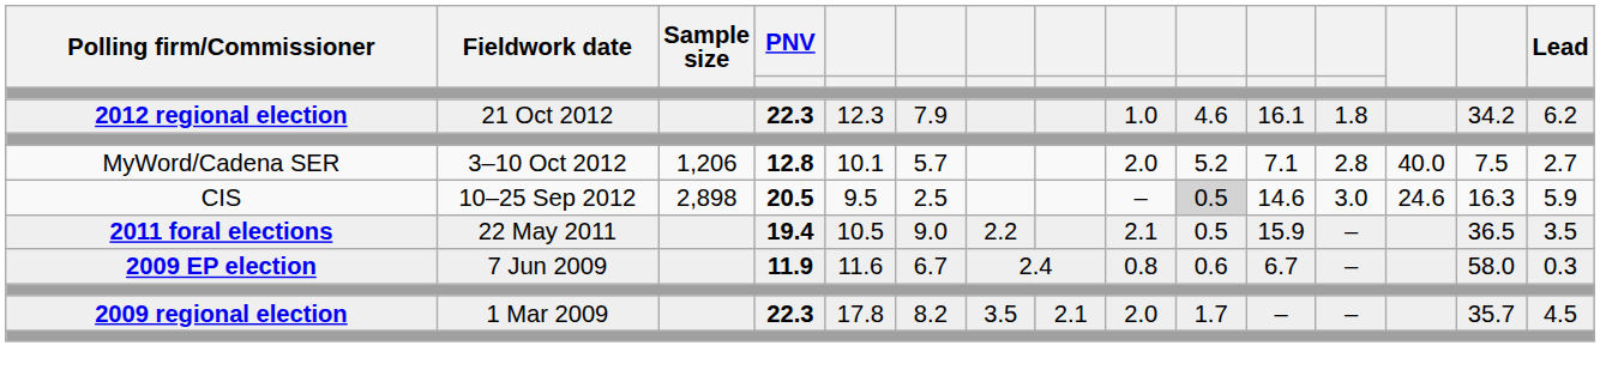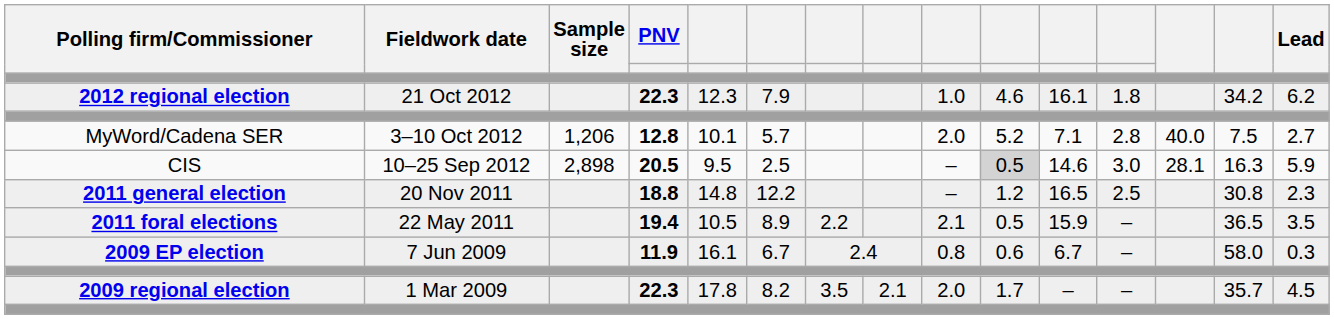 <table class="wikitable collapsible collapsed" style="text-align:center; font-size:90%; line-height:14px;">
 <tr style="height:42px;">
 <th style="width:250px;" rowspan="2">Polling firm/Commissioner</th>
 <th style="width:125px;" rowspan="2">Fieldwork date</th>
 <th style="width:50px;" rowspan="2">Sample size</th>
 <th style="width:35px;"><a href='#'>PNV</a></th>
 <th style="width:35px;"></th>
 <th style="width:35px;"></th>
 <th style="width:35px;"></th>
 <th style="width:35px;"></th>
 <th style="width:35px;"></th>
 <th style="width:35px;"></th>
 <th style="width:35px;"></th>
 <th style="width:35px;"></th>
 <th style="width:35px;" rowspan="2"></th>
 <th style="width:35px;" rowspan="2"></th>
 <th style="width:30px;" rowspan="2">Lead</th>
 </tr>
 <tr>
 <th style="color:inherit;background:"></th>
 <th style="color:inherit;background:"></th>
 <th style="color:inherit;background:"></th>
 <th style="color:inherit;background:"></th>
 <th style="color:inherit;background:"></th>
 <th style="color:inherit;background:"></th>
 <th style="color:inherit;background:"></th>
 <th style="color:inherit;background:"></th>
 <th style="color:inherit;background:"></th>
 </tr>
 <tr>
 <td colspan="15" style="background:#A0A0A0"></td>
 </tr>
 <tr style="background:#EFEFEF;">
 <td><strong><a href='#'>2012 regional election</a></strong></td>
 <td>21 Oct 2012</td>
 <td></td>
 <td><strong>22.3</strong></td>
 <td>12.3</td>
 <td>7.9</td>
 <td></td>
 <td></td>
 <td>1.0</td>
 <td>4.6</td>
 <td>16.1</td>
 <td>1.8</td>
 <td></td>
 <td>34.2</td>
 <td style="background:">6.2</td>
 </tr>
 <tr>
 <td colspan="15" style="background:#A0A0A0"></td>
 </tr>
 <tr>
 <td>MyWord/Cadena SER</td>
 <td>3–10 Oct 2012</td>
 <td>1,206</td>
 <td><strong>12.8</strong></td>
 <td>10.1</td>
 <td>5.7</td>
 <td></td>
 <td></td>
 <td>2.0</td>
 <td>5.2</td>
 <td>7.1</td>
 <td>2.8</td>
 <td>40.0</td>
 <td>7.5</td>
 <td style="background:">2.7</td>
 </tr>
 <tr>
 <td>CIS</td>
 <td>10–25 Sep 2012</td>
 <td>2,898</td>
 <td><strong>20.5</strong></td>
 <td>9.5</td>
 <td>2.5</td>
 <td></td>
 <td></td>
 <td>–</td>
 <td style="background: lightgrey;">0.5</td>
 <td>14.6</td>
 <td>3.0</td>
-<td>24.6</td>
+<td>28.1</td>
 <td>16.3</td>
 <td style="background:">5.9</td>
+</tr>
+<tr style="background:#EFEFEF;">
+<td><strong><a href='#'>2011 general election</a></strong></td>
+<td>20 Nov 2011</td>
+<td></td>
+<td><strong>18.8</strong></td>
+<td>14.8</td>
+<td>12.2</td>
+<td></td>
+<td></td>
+<td>–</td>
+<td>1.2</td>
+<td>16.5</td>
+<td>2.5</td>
+<td></td>
+<td>30.8</td>
+<td style="background:">2.3</td>
 </tr>
 <tr style="background:#EFEFEF;">
 <td><strong><a href='#'>2011 foral elections</a></strong></td>
 <td>22 May 2011</td>
 <td></td>
 <td><strong>19.4</strong></td>
 <td>10.5</td>
-<td>9.0</td>
+<td>8.9</td>
 <td>2.2</td>
 <td></td>
 <td>2.1</td>
 <td>0.5</td>
 <td>15.9</td>
 <td>–</td>
 <td></td>
 <td>36.5</td>
 <td style="background:">3.5</td>
 </tr>
 <tr style="background:#EFEFEF;">
 <td><strong><a href='#'>2009 EP election</a></strong></td>
 <td>7 Jun 2009</td>
 <td></td>
 <td><strong>11.9</strong></td>
-<td>11.6</td>
+<td>16.1</td>
 <td>6.7</td>
 <td colspan="2">2.4</td>
 <td>0.8</td>
 <td>0.6</td>
 <td>6.7</td>
 <td>–</td>
 <td></td>
 <td>58.0</td>
 <td style="background:">0.3</td>
 </tr>
 <tr>
 <td colspan="15" style="background:#A0A0A0"></td>
 </tr>
 <tr style="background:#EFEFEF;">
 <td><strong><a href='#'>2009 regional election</a></strong></td>
 <td>1 Mar 2009</td>
 <td></td>
 <td><strong>22.3</strong></td>
 <td>17.8</td>
 <td>8.2</td>
 <td>3.5</td>
 <td>2.1</td>
 <td>2.0</td>
 <td>1.7</td>
 <td>–</td>
 <td>–</td>
 <td></td>
 <td>35.7</td>
 <td style="background:">4.5</td>
 </tr>
 <tr>
 <td colspan="15" style="background:#A0A0A0"></td>
 </tr>
 </table>
